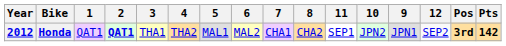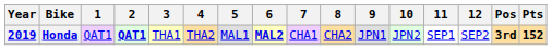 <table class="wikitable" style="text-align:center; font-size:90%">
 <tr>
 <th>Year</th>
 <th>Bike</th>
 <th>1</th>
 <th>2</th>
 <th>3</th>
 <th>4</th>
 <th>5</th>
 <th>6</th>
 <th>7</th>
 <th>8</th>
+<th>9</th>
+<th>10</th>
 <th>11</th>
-<th>10</th>
-<th>9</th>
 <th>12</th>
 <th>Pos</th>
 <th>Pts</th>
 </tr>
 <tr>
-<th><a href='#'>2012</a></th>
+<th><a href='#'>2019</a></th>
 <th><a href='#'>Honda</a></th>
 <td style="background:#efcfff;"><a href='#'>QAT1</a><br></td>
 <td style="background:#dfffdf;"><strong><a href='#'>QAT1</a><br></strong></td>
 <td style="background:#ffffbf;"><a href='#'>THA1</a><br></td>
 <td style="background:#ffdf9f;"><a href='#'>THA2</a><br></td>
 <td style="background:#dfdfdf;"><a href='#'>MAL1</a><br></td>
-<td style="background:#ffffbf;"><a href='#'>MAL2</a><br></td>
+<td style="background:#ffffbf;"><strong><a href='#'>MAL2</a><br></strong></td>
 <td style="background:#efcfff;"><a href='#'>CHA1</a><br></td>
 <td style="background:#ffdf9f;"><a href='#'>CHA2</a><br></td>
+<td style="background:#dfdfdf;"><a href='#'>JPN1</a><br></td>
+<td style="background:#dfffdf;"><a href='#'>JPN2</a><br></td>
 <td style="background:#ffffff;"><a href='#'>SEP1</a><br></td>
-<td style="background:#dfffdf;"><a href='#'>JPN2</a><br></td>
-<td style="background:#dfdfdf;"><a href='#'>JPN1</a><br></td>
 <td style="background:#;"><a href='#'>SEP2</a><br></td>
 <th style="background:#ffdf9f;">3rd</th>
-<th style="background:#ffdf9f;">142</th>
+<th style="background:#ffdf9f;">152</th>
 </tr>
 </table>
